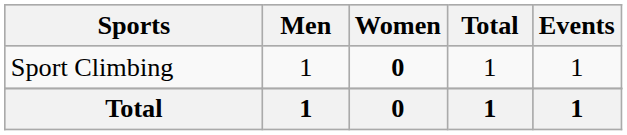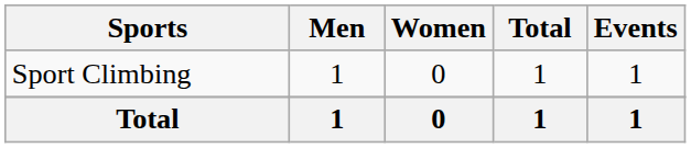 <table class="wikitable sortable" style="text-align:center;">
 <tr>
 <th width=150>Sports</th>
 <th width=45>Men</th>
 <th width=45>Women</th>
 <th width=45>Total</th>
 <th width=45>Events</th>
 </tr>
 <tr>
 <td align=left>Sport Climbing</td>
 <td>1</td>
-<td><strong>0</strong></td>
+<td>0</td>
 <td>1</td>
 <td>1</td>
 </tr>
 <tr>
 </tr>
 <tr class="sortbottom">
 <th>Total</th>
 <th>1</th>
 <th>0</th>
 <th>1</th>
 <th>1</th>
 </tr>
 </table>
